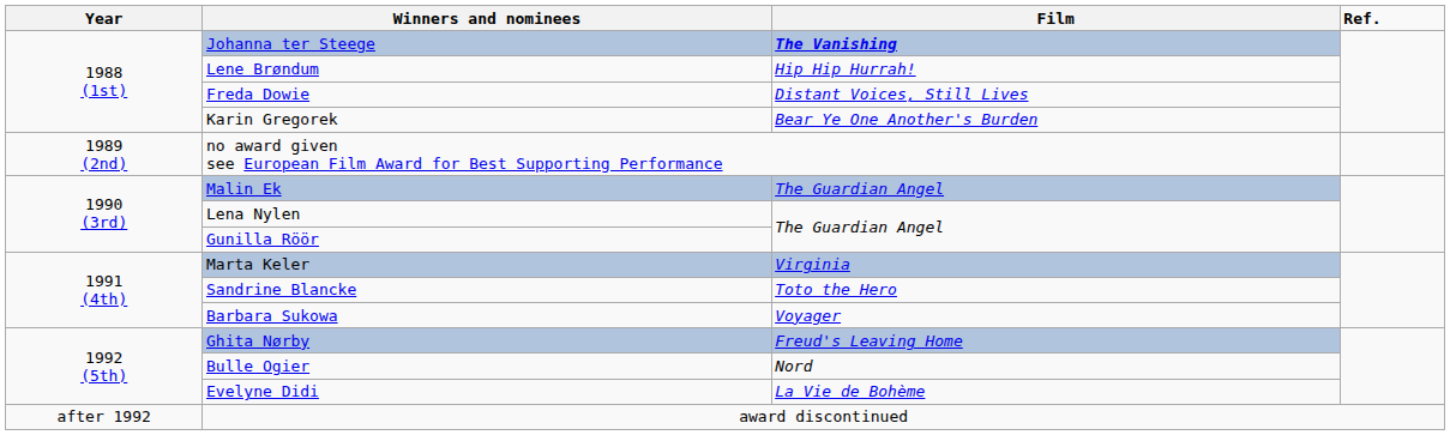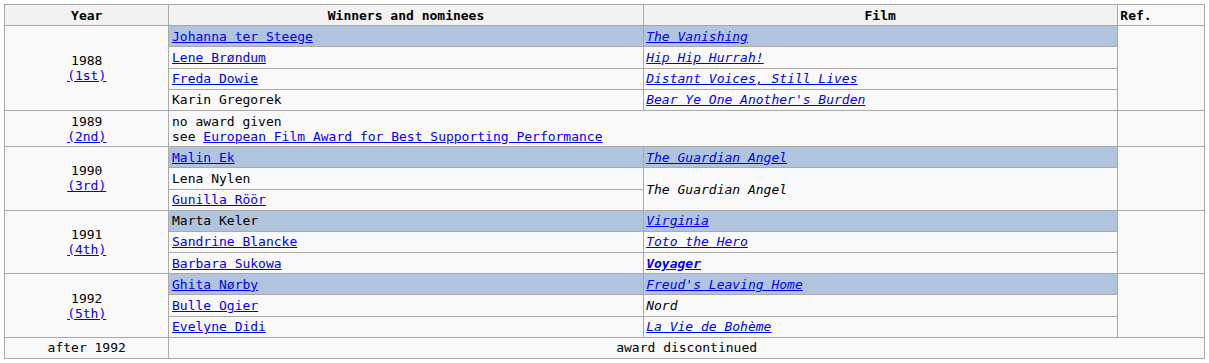 <table class="wikitable" width="95%" cellpadding="5">
 <tr>
 <th width="100"><strong>Year</strong></th>
 <th width="300"><strong>Winners and nominees</strong></th>
 <th width="300"><strong>Film</strong></th>
 <td width="50"><strong>Ref.</strong></td>
 </tr>
 <tr>
 <td rowspan="4" style="text-align:center;">1988<br><a href='#'>(1st)</a></td>
 <td style="background:#B0C4DE;"> <a href='#'>Johanna ter Steege</a></td>
-<td style="background:#B0C4DE;"><strong><em><a href='#'>The Vanishing</a></em></strong></td>
+<td style="background:#B0C4DE;"><em><a href='#'>The Vanishing</a></em></td>
 <td rowspan="4"></td>
 </tr>
 <tr>
 <td> <a href='#'>Lene Brøndum</a></td>
 <td><em><a href='#'>Hip Hip Hurrah!</a></em></td>
 </tr>
 <tr>
 <td> <a href='#'>Freda Dowie</a></td>
 <td><em><a href='#'>Distant Voices, Still Lives</a></em></td>
 </tr>
 <tr>
 <td> Karin Gregorek</td>
 <td><em><a href='#'>Bear Ye One Another's Burden</a></em></td>
 </tr>
 <tr>
 <td style="text-align:center;">1989<br><a href='#'>(2nd)</a></td>
 <td colspan="2">no award given <br>see <a href='#'>European Film Award for Best Supporting Performance</a></td>
 <td></td>
 </tr>
 <tr>
 <td rowspan="3" style="text-align:center;">1990<br><a href='#'>(3rd)</a></td>
 <td style="background:#B0C4DE;"> <a href='#'>Malin Ek</a></td>
 <td style="background:#B0C4DE;"><em><a href='#'>The Guardian Angel</a></em></td>
 <td rowspan="3"></td>
 </tr>
 <tr>
 <td> Lena Nylen</td>
 <td rowspan="2"><em>The Guardian Angel</em></td>
 </tr>
 <tr>
 <td> <a href='#'>Gunilla Röör</a></td>
 </tr>
 <tr>
 <td rowspan="3" style="text-align:center;">1991<br><a href='#'>(4th)</a></td>
 <td style="background:#B0C4DE;">  Marta Keler</td>
 <td style="background:#B0C4DE;"><em><a href='#'>Virginia</a></em></td>
 <td rowspan="3"></td>
 </tr>
 <tr>
 <td> <a href='#'>Sandrine Blancke</a></td>
 <td><em><a href='#'>Toto the Hero</a></em></td>
 </tr>
 <tr>
 <td> <a href='#'>Barbara Sukowa</a></td>
-<td><em><a href='#'>Voyager</a></em></td>
+<td><strong><em><a href='#'>Voyager</a></em></strong></td>
 </tr>
 <tr>
 <td rowspan="3" style="text-align:center;">1992<br><a href='#'>(5th)</a></td>
 <td style="background:#B0C4DE;"> <a href='#'>Ghita Nørby</a></td>
 <td style="background:#B0C4DE;"><em><a href='#'>Freud's Leaving Home</a></em></td>
 <td rowspan="3"></td>
 </tr>
 <tr>
 <td> <a href='#'>Bulle Ogier</a></td>
 <td><em>Nord</em></td>
 </tr>
 <tr>
 <td> <a href='#'>Evelyne Didi</a></td>
 <td><em><a href='#'>La Vie de Bohème</a></em></td>
 </tr>
 <tr>
 <td style="text-align:center;">after 1992</td>
 <td colspan="3" style="text-align:center;">award discontinued</td>
 </tr>
 <tr>
 </tr>
 </table>
